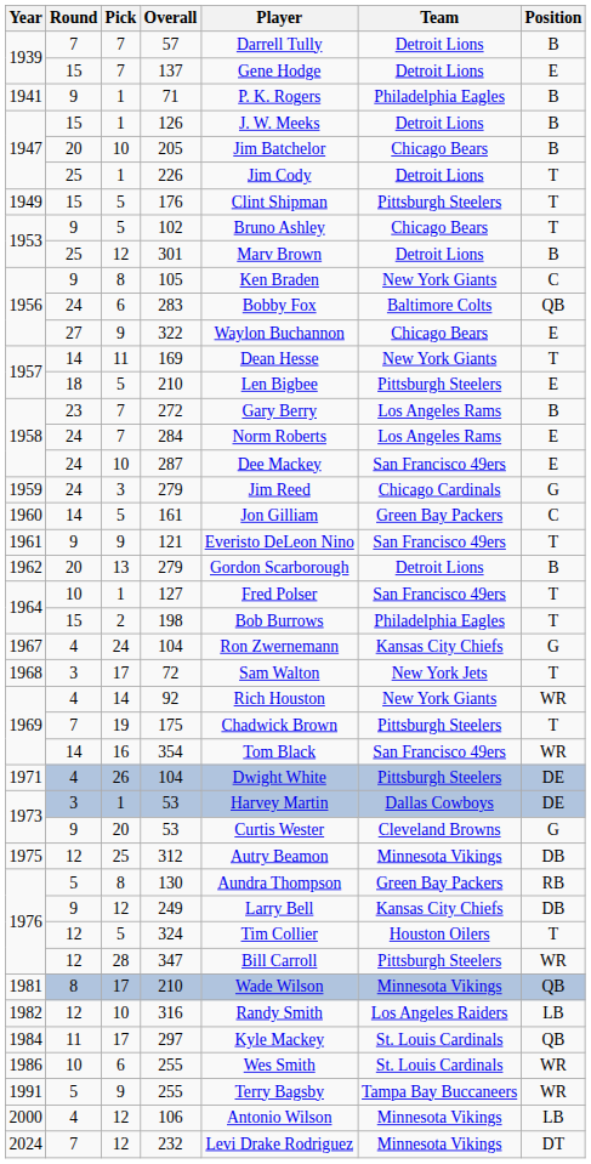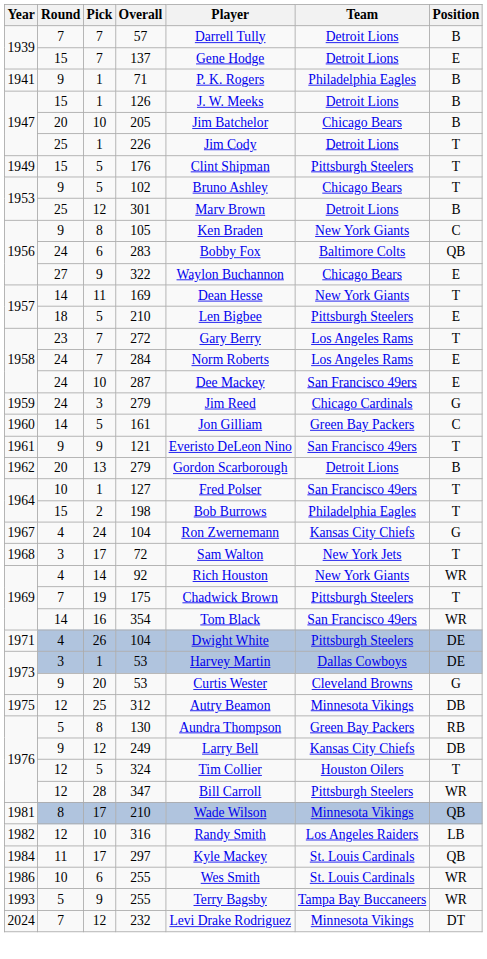 <table class="wikitable sortable" style="text-align: center;">
 <tr>
 <th>Year</th>
 <th>Round</th>
 <th>Pick</th>
 <th>Overall</th>
 <th>Player</th>
 <th>Team</th>
 <th>Position</th>
 </tr>
 <tr>
 <td rowspan="2">1939</td>
 <td>7</td>
 <td>7</td>
 <td>57</td>
 <td><a href='#'>Darrell Tully</a></td>
 <td><a href='#'>Detroit Lions</a></td>
 <td>B</td>
 </tr>
 <tr>
 <td>15</td>
 <td>7</td>
 <td>137</td>
 <td><a href='#'>Gene Hodge</a></td>
 <td><a href='#'>Detroit Lions</a></td>
 <td>E</td>
 </tr>
 <tr>
 <td>1941</td>
 <td>9</td>
 <td>1</td>
 <td>71</td>
 <td><a href='#'>P. K. Rogers</a></td>
 <td><a href='#'>Philadelphia Eagles</a></td>
 <td>B</td>
 </tr>
 <tr>
 <td rowspan="3">1947</td>
 <td>15</td>
 <td>1</td>
 <td>126</td>
 <td><a href='#'>J. W. Meeks</a></td>
 <td><a href='#'>Detroit Lions</a></td>
 <td>B</td>
 </tr>
 <tr>
 <td>20</td>
 <td>10</td>
 <td>205</td>
 <td><a href='#'>Jim Batchelor</a></td>
 <td><a href='#'>Chicago Bears</a></td>
 <td>B</td>
 </tr>
 <tr>
 <td>25</td>
 <td>1</td>
 <td>226</td>
 <td><a href='#'>Jim Cody</a></td>
 <td><a href='#'>Detroit Lions</a></td>
 <td>T</td>
 </tr>
 <tr>
 <td>1949</td>
 <td>15</td>
 <td>5</td>
 <td>176</td>
 <td><a href='#'>Clint Shipman</a></td>
 <td><a href='#'>Pittsburgh Steelers</a></td>
 <td>T</td>
 </tr>
 <tr>
 <td rowspan="2">1953</td>
 <td>9</td>
 <td>5</td>
 <td>102</td>
 <td><a href='#'>Bruno Ashley</a></td>
 <td><a href='#'>Chicago Bears</a></td>
 <td>T</td>
 </tr>
 <tr>
 <td>25</td>
 <td>12</td>
 <td>301</td>
 <td><a href='#'>Marv Brown</a></td>
 <td><a href='#'>Detroit Lions</a></td>
 <td>B</td>
 </tr>
 <tr>
 <td rowspan="3">1956</td>
 <td>9</td>
 <td>8</td>
 <td>105</td>
 <td><a href='#'>Ken Braden</a></td>
 <td><a href='#'>New York Giants</a></td>
 <td>C</td>
 </tr>
 <tr>
 <td>24</td>
 <td>6</td>
 <td>283</td>
 <td><a href='#'>Bobby Fox</a></td>
 <td><a href='#'>Baltimore Colts</a></td>
 <td>QB</td>
 </tr>
 <tr>
 <td>27</td>
 <td>9</td>
 <td>322</td>
 <td><a href='#'>Waylon Buchannon</a></td>
 <td><a href='#'>Chicago Bears</a></td>
 <td>E</td>
 </tr>
 <tr>
 <td rowspan="2">1957</td>
 <td>14</td>
 <td>11</td>
 <td>169</td>
 <td><a href='#'>Dean Hesse</a></td>
 <td><a href='#'>New York Giants</a></td>
 <td>T</td>
 </tr>
 <tr>
 <td>18</td>
 <td>5</td>
 <td>210</td>
 <td><a href='#'>Len Bigbee</a></td>
 <td><a href='#'>Pittsburgh Steelers</a></td>
 <td>E</td>
 </tr>
 <tr>
 <td rowspan="3">1958</td>
 <td>23</td>
 <td>7</td>
 <td>272</td>
 <td><a href='#'>Gary Berry</a></td>
 <td><a href='#'>Los Angeles Rams</a></td>
-<td>B</td>
+<td>T</td>
 </tr>
 <tr>
 <td>24</td>
 <td>7</td>
 <td>284</td>
 <td><a href='#'>Norm Roberts</a></td>
 <td><a href='#'>Los Angeles Rams</a></td>
 <td>E</td>
 </tr>
 <tr>
 <td>24</td>
 <td>10</td>
 <td>287</td>
 <td><a href='#'>Dee Mackey</a></td>
 <td><a href='#'>San Francisco 49ers</a></td>
 <td>E</td>
 </tr>
 <tr>
 <td>1959</td>
 <td>24</td>
 <td>3</td>
 <td>279</td>
 <td><a href='#'>Jim Reed</a></td>
 <td><a href='#'>Chicago Cardinals</a></td>
 <td>G</td>
 </tr>
 <tr>
 <td>1960</td>
 <td>14</td>
 <td>5</td>
 <td>161</td>
 <td><a href='#'>Jon Gilliam</a></td>
 <td><a href='#'>Green Bay Packers</a></td>
 <td>C</td>
 </tr>
 <tr>
 <td>1961</td>
 <td>9</td>
 <td>9</td>
 <td>121</td>
 <td><a href='#'>Everisto DeLeon Nino</a></td>
 <td><a href='#'>San Francisco 49ers</a></td>
 <td>T</td>
 </tr>
 <tr>
 <td>1962</td>
 <td>20</td>
 <td>13</td>
 <td>279</td>
 <td><a href='#'>Gordon Scarborough</a></td>
 <td><a href='#'>Detroit Lions</a></td>
 <td>B</td>
 </tr>
 <tr>
 <td rowspan="2">1964</td>
 <td>10</td>
 <td>1</td>
 <td>127</td>
 <td><a href='#'>Fred Polser</a></td>
 <td><a href='#'>San Francisco 49ers</a></td>
 <td>T</td>
 </tr>
 <tr>
 <td>15</td>
 <td>2</td>
 <td>198</td>
 <td><a href='#'>Bob Burrows</a></td>
 <td><a href='#'>Philadelphia Eagles</a></td>
 <td>T</td>
 </tr>
 <tr>
 <td>1967</td>
 <td>4</td>
 <td>24</td>
 <td>104</td>
 <td><a href='#'>Ron Zwernemann</a></td>
 <td><a href='#'>Kansas City Chiefs</a></td>
 <td>G</td>
 </tr>
 <tr>
 <td>1968</td>
 <td>3</td>
 <td>17</td>
 <td>72</td>
 <td><a href='#'>Sam Walton</a></td>
 <td><a href='#'>New York Jets</a></td>
 <td>T</td>
 </tr>
 <tr>
 <td rowspan="3">1969</td>
 <td>4</td>
 <td>14</td>
 <td>92</td>
 <td><a href='#'>Rich Houston</a></td>
 <td><a href='#'>New York Giants</a></td>
 <td>WR</td>
 </tr>
 <tr>
 <td>7</td>
 <td>19</td>
 <td>175</td>
 <td><a href='#'>Chadwick Brown</a></td>
 <td><a href='#'>Pittsburgh Steelers</a></td>
 <td>T</td>
 </tr>
 <tr>
 <td>14</td>
 <td>16</td>
 <td>354</td>
 <td><a href='#'>Tom Black</a></td>
 <td><a href='#'>San Francisco 49ers</a></td>
 <td>WR</td>
 </tr>
 <tr>
 <td>1971</td>
 <td style="background-color:lightsteelblue">4</td>
 <td style="background-color:lightsteelblue">26</td>
 <td style="background-color:lightsteelblue">104</td>
 <td style="background-color:lightsteelblue"><a href='#'>Dwight White</a></td>
 <td style="background-color:lightsteelblue"><a href='#'>Pittsburgh Steelers</a></td>
 <td style="background-color:lightsteelblue">DE</td>
 </tr>
 <tr>
 <td rowspan="2">1973</td>
 <td style="background-color:lightsteelblue">3</td>
 <td style="background-color:lightsteelblue">1</td>
 <td style="background-color:lightsteelblue">53</td>
 <td style="background-color:lightsteelblue"><a href='#'>Harvey Martin</a></td>
 <td style="background-color:lightsteelblue"><a href='#'>Dallas Cowboys</a></td>
 <td style="background-color:lightsteelblue">DE</td>
 </tr>
 <tr>
 <td>9</td>
 <td>20</td>
 <td>53</td>
 <td><a href='#'>Curtis Wester</a></td>
 <td><a href='#'>Cleveland Browns</a></td>
 <td>G</td>
 </tr>
 <tr>
 <td>1975</td>
 <td>12</td>
 <td>25</td>
 <td>312</td>
 <td><a href='#'>Autry Beamon</a></td>
 <td><a href='#'>Minnesota Vikings</a></td>
 <td>DB</td>
 </tr>
 <tr>
 <td rowspan="4">1976</td>
 <td>5</td>
 <td>8</td>
 <td>130</td>
 <td><a href='#'>Aundra Thompson</a></td>
 <td><a href='#'>Green Bay Packers</a></td>
 <td>RB</td>
 </tr>
 <tr>
 <td>9</td>
 <td>12</td>
 <td>249</td>
 <td><a href='#'>Larry Bell</a></td>
 <td><a href='#'>Kansas City Chiefs</a></td>
 <td>DB</td>
 </tr>
 <tr>
 <td>12</td>
 <td>5</td>
 <td>324</td>
 <td><a href='#'>Tim Collier</a></td>
 <td><a href='#'>Houston Oilers</a></td>
 <td>T</td>
 </tr>
 <tr>
 <td>12</td>
 <td>28</td>
 <td>347</td>
 <td><a href='#'>Bill Carroll</a></td>
 <td><a href='#'>Pittsburgh Steelers</a></td>
 <td>WR</td>
 </tr>
 <tr>
 <td>1981</td>
 <td style="background-color:lightsteelblue">8</td>
 <td style="background-color:lightsteelblue">17</td>
 <td style="background-color:lightsteelblue">210</td>
 <td style="background-color:lightsteelblue"><a href='#'>Wade Wilson</a></td>
 <td style="background-color:lightsteelblue"><a href='#'>Minnesota Vikings</a></td>
 <td style="background-color:lightsteelblue">QB</td>
 </tr>
 <tr>
 <td>1982</td>
 <td>12</td>
 <td>10</td>
 <td>316</td>
 <td><a href='#'>Randy Smith</a></td>
 <td><a href='#'>Los Angeles Raiders</a></td>
 <td>LB</td>
 </tr>
 <tr>
 <td>1984</td>
 <td>11</td>
 <td>17</td>
 <td>297</td>
 <td><a href='#'>Kyle Mackey</a></td>
 <td><a href='#'>St. Louis Cardinals</a></td>
 <td>QB</td>
 </tr>
 <tr>
 <td>1986</td>
 <td>10</td>
 <td>6</td>
 <td>255</td>
 <td><a href='#'>Wes Smith</a></td>
 <td><a href='#'>St. Louis Cardinals</a></td>
 <td>WR</td>
 </tr>
 <tr>
-<td>1991</td>
+<td>1993</td>
 <td>5</td>
 <td>9</td>
 <td>255</td>
 <td><a href='#'>Terry Bagsby</a></td>
 <td><a href='#'>Tampa Bay Buccaneers</a></td>
 <td>WR</td>
-</tr>
-<tr>
-<td>2000</td>
-<td>4</td>
-<td>12</td>
-<td>106</td>
-<td><a href='#'>Antonio Wilson</a></td>
-<td><a href='#'>Minnesota Vikings</a></td>
-<td>LB</td>
 </tr>
 <tr>
 <td>2024</td>
 <td>7</td>
 <td>12</td>
 <td>232</td>
 <td><a href='#'>Levi Drake Rodriguez</a></td>
 <td><a href='#'>Minnesota Vikings</a></td>
 <td>DT</td>
 </tr>
 </table>
